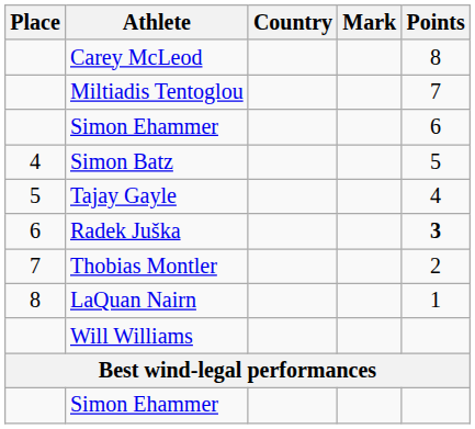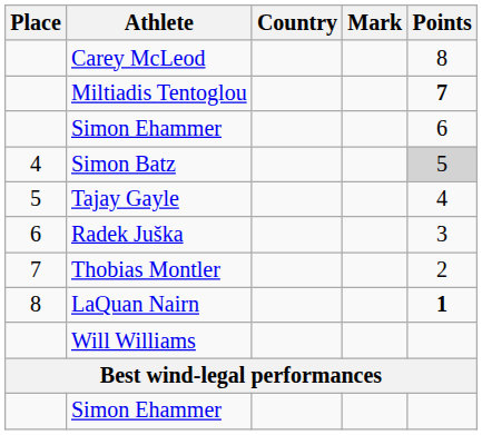 <table class="wikitable mw-datatable sortable">
 <tr>
 <th>Place</th>
 <th>Athlete</th>
 <th>Country</th>
 <th>Mark</th>
 <th>Points</th>
 </tr>
 <tr>
 <td align=center></td>
 <td><a href='#'>Carey McLeod</a></td>
 <td></td>
 <td> </td>
 <td align=center>8</td>
 </tr>
 <tr>
 <td align=center></td>
 <td><a href='#'>Miltiadis Tentoglou</a></td>
 <td></td>
 <td> </td>
-<td align=center>7</td>
+<td align=center><strong>7</strong></td>
 </tr>
 <tr>
 <td align=center></td>
 <td><a href='#'>Simon Ehammer</a></td>
 <td></td>
 <td> </td>
 <td align=center>6</td>
 </tr>
 <tr>
 <td align=center>4</td>
 <td><a href='#'>Simon Batz</a></td>
 <td></td>
 <td> </td>
-<td align=center>5</td>
+<td align=center style="background: lightgrey;">5</td>
 </tr>
 <tr>
 <td align=center>5</td>
 <td><a href='#'>Tajay Gayle</a></td>
 <td></td>
 <td> </td>
 <td align=center>4</td>
 </tr>
 <tr>
 <td align=center>6</td>
 <td><a href='#'>Radek Juška</a></td>
 <td></td>
 <td> </td>
-<td align=center><strong>3</strong></td>
+<td align=center>3</td>
 </tr>
 <tr>
 <td align=center>7</td>
 <td><a href='#'>Thobias Montler</a></td>
 <td></td>
 <td> </td>
 <td align=center>2</td>
 </tr>
 <tr>
 <td align=center>8</td>
 <td><a href='#'>LaQuan Nairn</a></td>
 <td></td>
 <td> </td>
-<td align=center>1</td>
+<td align=center><strong>1</strong></td>
 </tr>
 <tr>
 <td align=center></td>
 <td><a href='#'>Will Williams</a></td>
 <td></td>
 <td></td>
 <td align=center></td>
 </tr>
 <tr>
 <th align=center colspan=5[object Object]true>Best wind-legal performances</th>
 </tr>
 <tr>
 <td align=center></td>
 <td><a href='#'>Simon Ehammer</a></td>
 <td></td>
 <td> </td>
 <td align=center></td>
 </tr>
 </table>
